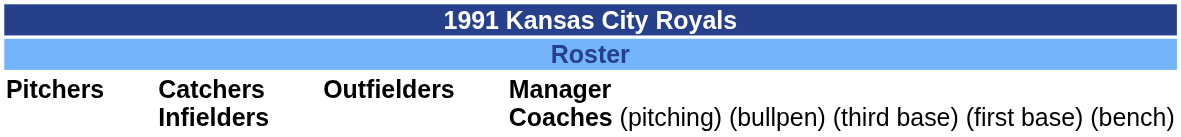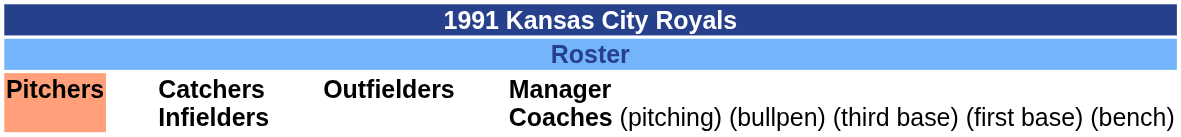 <table class="toccolours" style="font-size: 95%;">
 <tr>
 <th colspan="10" style="background-color: #27408B; color: #FFFFFF; text-align: center;">1991 Kansas City Royals</th>
 </tr>
 <tr>
 <td colspan="10" style="background-color: #74B4FA; color: #27408B; text-align: center;"><strong>Roster</strong></td>
 </tr>
 <tr>
-<td valign="top"><strong>Pitchers</strong><br>                  </td>
+<td valign="top" style="background: lightsalmon;"><strong>Pitchers</strong><br>                  </td>
 <td width="25px"></td>
 <td valign="top"><strong>Catchers</strong><br>    <strong>Infielders</strong>              </td>
 <td width="25px"></td>
 <td valign="top"><strong>Outfielders</strong><br>        </td>
 <td width="25px"></td>
 <td valign="top"><strong>Manager</strong><br>   <strong>Coaches</strong>  (pitching)  (bullpen)  (third base)  (first base)  (bench)</td>
 </tr>
 </table>
